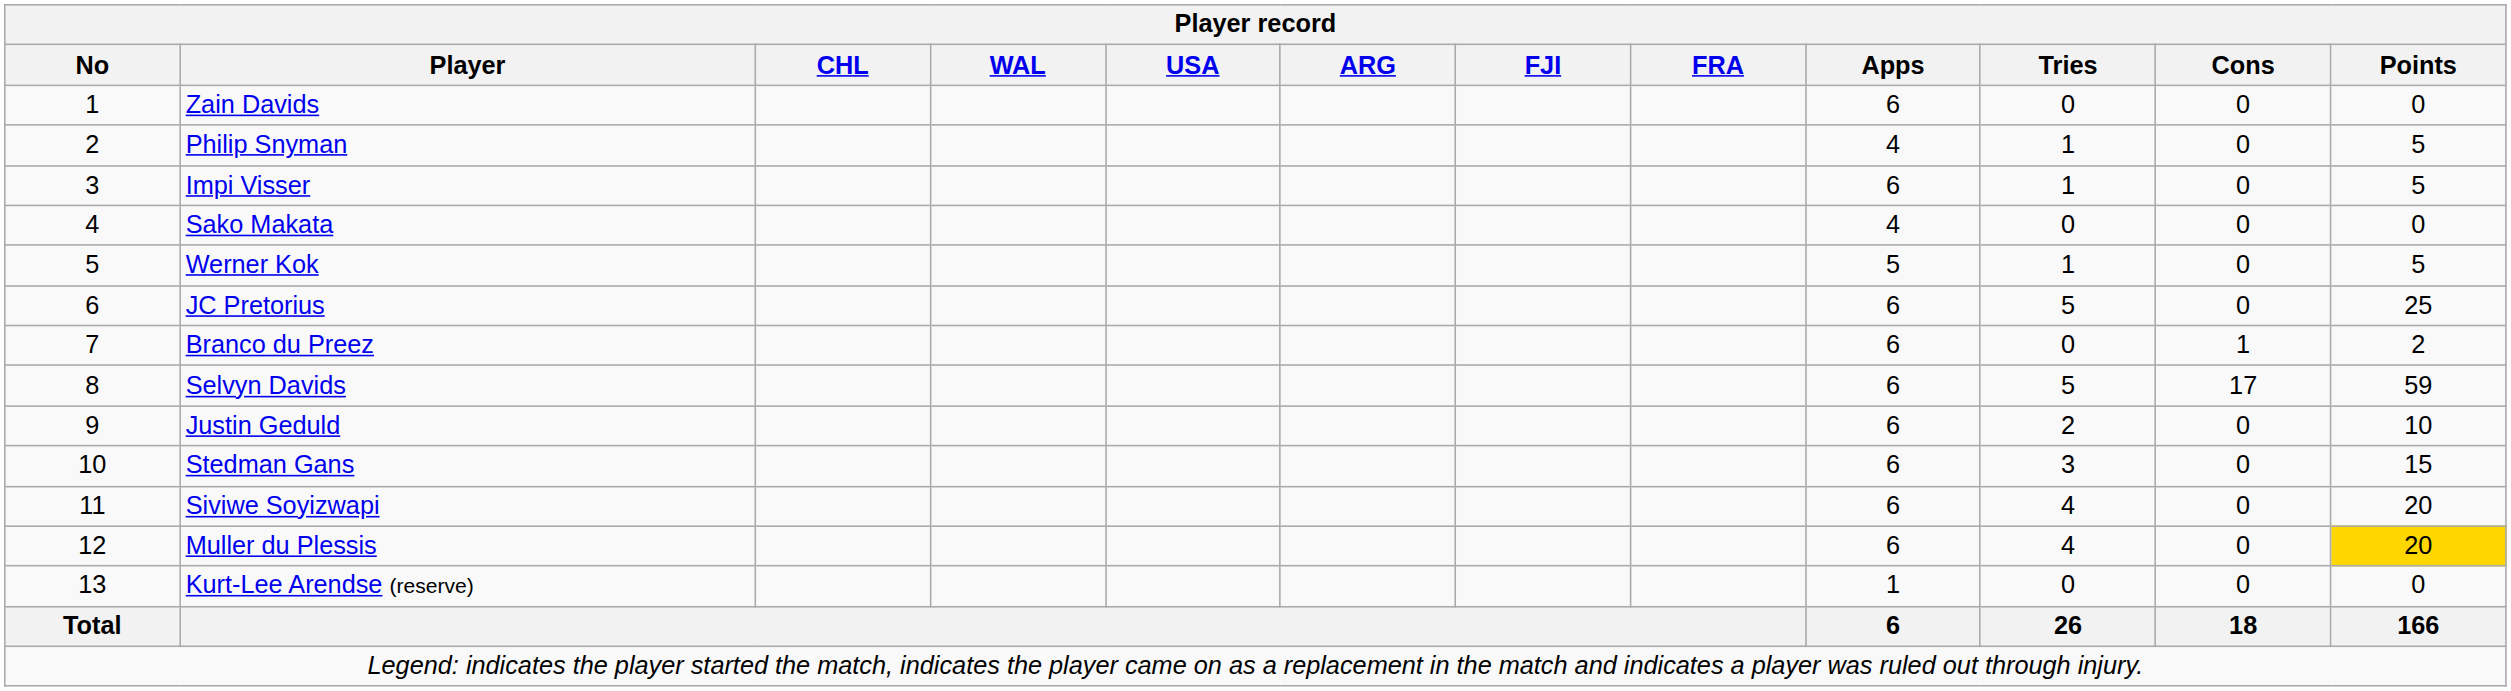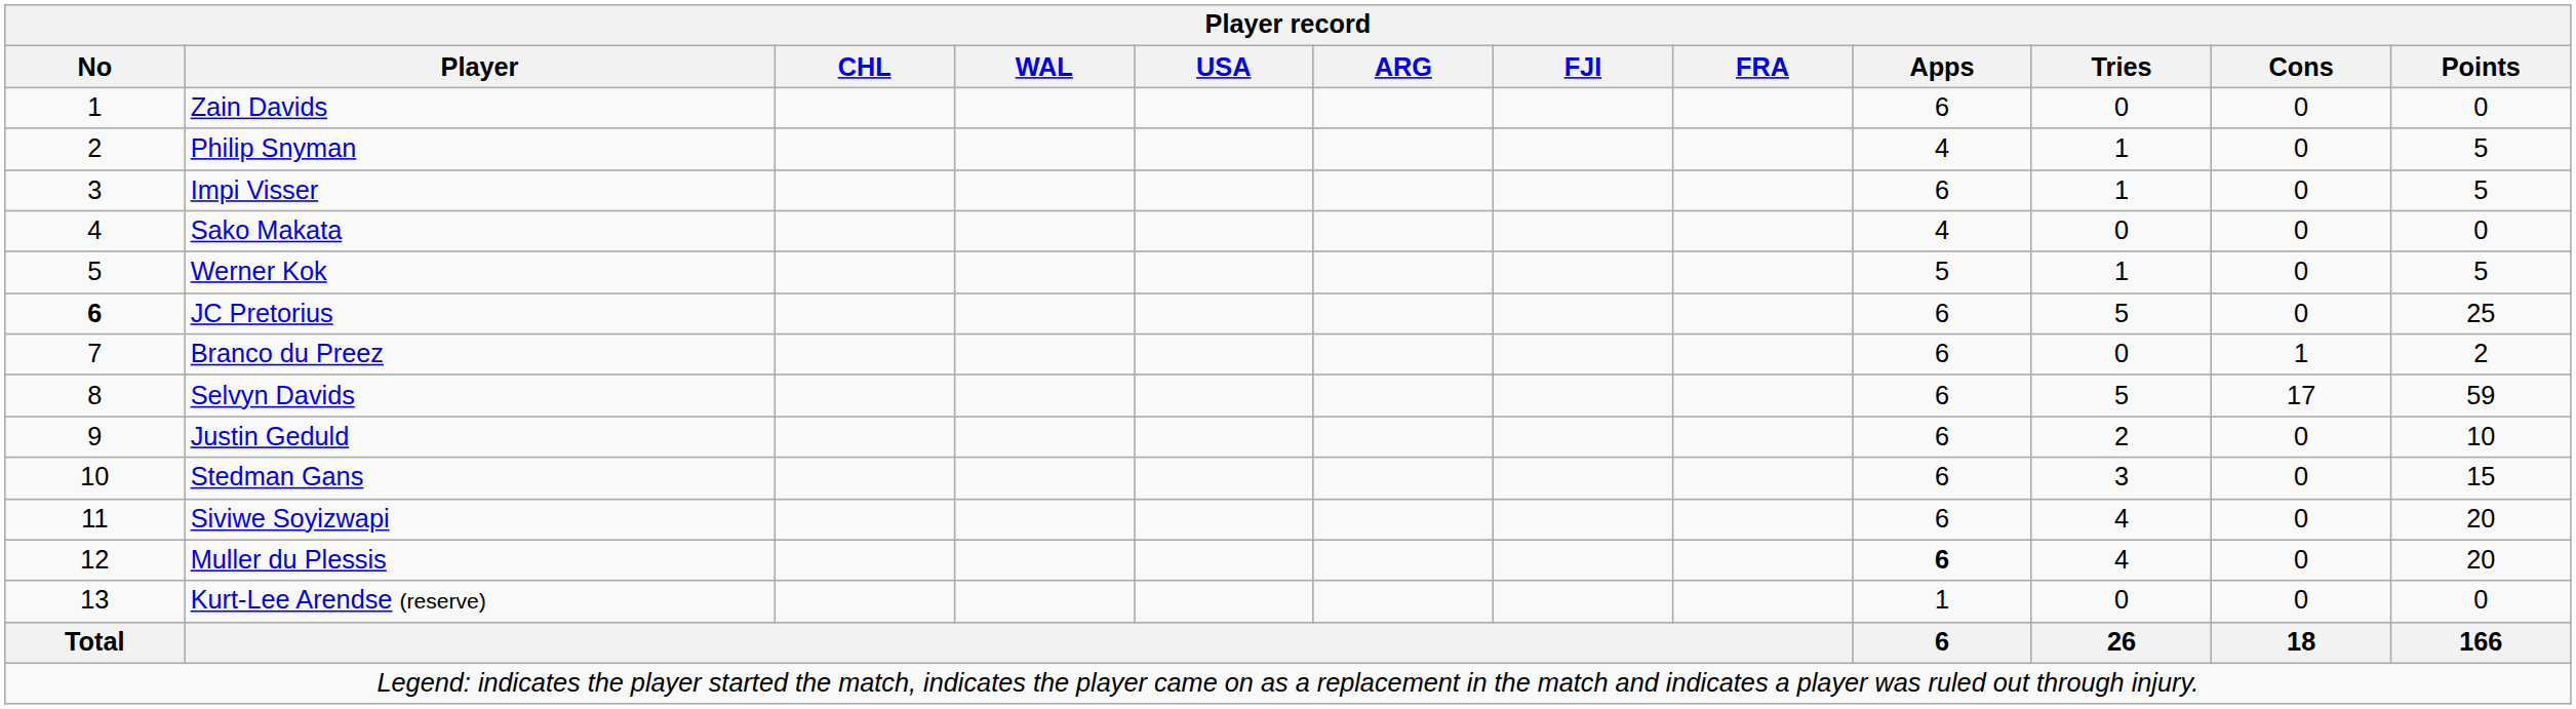 <table class="wikitable" style="text-align:center; width:100%">
 <tr>
 <th colspan="100%">Player record</th>
 </tr>
 <tr>
 <th style="width:7%;">No</th>
 <th style="width:23%;">Player</th>
 <th style="width:7%;"><a href='#'>CHL</a></th>
 <th style="width:7%;"><a href='#'>WAL</a></th>
 <th style="width:7%;"><a href='#'>USA</a></th>
 <th style="width:7%;"><a href='#'>ARG</a></th>
 <th style="width:7%;"><a href='#'>FJI</a></th>
 <th style="width:7%;"><a href='#'>FRA</a></th>
 <th style="width:7%;">Apps</th>
 <th style="width:7%;">Tries</th>
 <th style="width:7%;">Cons</th>
 <th style="width:7%;">Points</th>
 </tr>
 <tr>
 <td>1</td>
 <td style="text-align:left;"><a href='#'>Zain Davids</a></td>
 <td></td>
 <td></td>
 <td></td>
 <td></td>
 <td></td>
 <td></td>
 <td>6</td>
 <td>0</td>
 <td>0</td>
 <td>0</td>
 </tr>
 <tr>
 <td>2</td>
 <td style="text-align:left;"><a href='#'>Philip Snyman</a></td>
 <td></td>
 <td></td>
 <td></td>
 <td></td>
 <td></td>
 <td></td>
 <td>4</td>
 <td>1</td>
 <td>0</td>
 <td>5</td>
 </tr>
 <tr>
 <td>3</td>
 <td style="text-align:left;"><a href='#'>Impi Visser</a></td>
 <td></td>
 <td></td>
 <td></td>
 <td></td>
 <td></td>
 <td></td>
 <td>6</td>
 <td>1</td>
 <td>0</td>
 <td>5</td>
 </tr>
 <tr>
 <td>4</td>
 <td style="text-align:left;"><a href='#'>Sako Makata</a></td>
 <td></td>
 <td></td>
 <td></td>
 <td></td>
 <td></td>
 <td></td>
 <td>4</td>
 <td>0</td>
 <td>0</td>
 <td>0</td>
 </tr>
 <tr>
 <td>5</td>
 <td style="text-align:left;"><a href='#'>Werner Kok</a></td>
 <td></td>
 <td></td>
 <td></td>
 <td></td>
 <td></td>
 <td></td>
 <td>5</td>
 <td>1</td>
 <td>0</td>
 <td>5</td>
 </tr>
 <tr>
-<td>6</td>
+<td><strong>6</strong></td>
 <td style="text-align:left;"><a href='#'>JC Pretorius</a></td>
 <td></td>
 <td></td>
 <td></td>
 <td></td>
 <td></td>
 <td></td>
 <td>6</td>
 <td>5</td>
 <td>0</td>
 <td>25</td>
 </tr>
 <tr>
 <td>7</td>
 <td style="text-align:left;"><a href='#'>Branco du Preez</a></td>
 <td></td>
 <td></td>
 <td></td>
 <td></td>
 <td></td>
 <td></td>
 <td>6</td>
 <td>0</td>
 <td>1</td>
 <td>2</td>
 </tr>
 <tr>
 <td>8</td>
 <td style="text-align:left;"><a href='#'>Selvyn Davids</a></td>
 <td></td>
 <td></td>
 <td></td>
 <td></td>
 <td></td>
 <td></td>
 <td>6</td>
 <td>5</td>
 <td>17</td>
 <td>59</td>
 </tr>
 <tr>
 <td>9</td>
 <td style="text-align:left;"><a href='#'>Justin Geduld</a></td>
 <td></td>
 <td></td>
 <td></td>
 <td></td>
 <td></td>
 <td></td>
 <td>6</td>
 <td>2</td>
 <td>0</td>
 <td>10</td>
 </tr>
 <tr>
 <td>10</td>
 <td style="text-align:left;"><a href='#'>Stedman Gans</a></td>
 <td></td>
 <td></td>
 <td></td>
 <td></td>
 <td></td>
 <td></td>
 <td>6</td>
 <td>3</td>
 <td>0</td>
 <td>15</td>
 </tr>
 <tr>
 <td>11</td>
 <td style="text-align:left;"><a href='#'>Siviwe Soyizwapi</a></td>
 <td></td>
 <td></td>
 <td></td>
 <td></td>
 <td></td>
 <td></td>
 <td>6</td>
 <td>4</td>
 <td>0</td>
 <td>20</td>
 </tr>
 <tr>
 <td>12</td>
 <td style="text-align:left;"><a href='#'>Muller du Plessis</a></td>
 <td></td>
 <td></td>
 <td></td>
 <td></td>
 <td></td>
 <td></td>
-<td>6</td>
+<td><strong>6</strong></td>
 <td>4</td>
 <td>0</td>
-<td style="background: gold;">20</td>
+<td>20</td>
 </tr>
 <tr>
 <td>13</td>
 <td style="text-align:left;"><a href='#'>Kurt-Lee Arendse</a> <small>(reserve)</small></td>
 <td></td>
 <td></td>
 <td></td>
 <td></td>
 <td></td>
 <td></td>
 <td>1</td>
 <td>0</td>
 <td>0</td>
 <td>0</td>
 </tr>
 <tr>
 <th>Total</th>
 <th colspan="7"></th>
 <th>6</th>
 <th>26</th>
 <th>18</th>
 <th>166</th>
 </tr>
 <tr>
 <td colspan="100%"><em>Legend: <span></span> indicates the player started the match, <span></span> indicates the player came on as a replacement in the match and  indicates a player was ruled out through injury.</em></td>
 </tr>
 </table>
